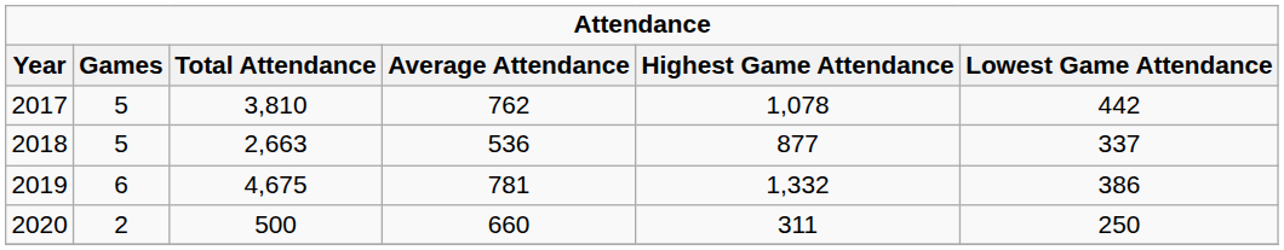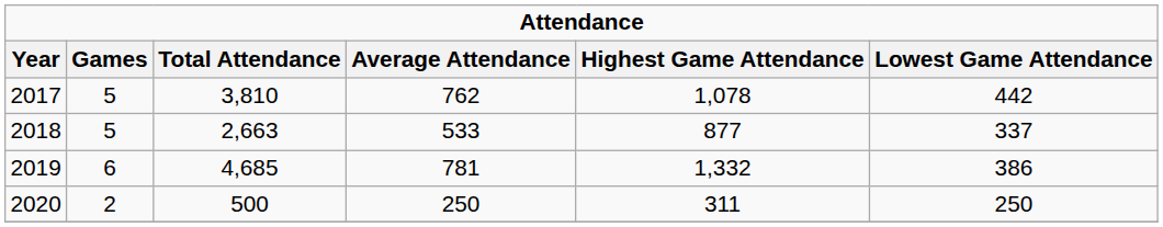 <table class="wikitable sortable" style="text-align:center">
 <tr>
 <td colspan="6"><strong>Attendance</strong></td>
 </tr>
 <tr>
 <th>Year</th>
 <th>Games</th>
 <th>Total Attendance</th>
 <th>Average Attendance</th>
 <th>Highest Game Attendance</th>
 <th>Lowest Game Attendance</th>
 </tr>
 <tr>
 <td>2017</td>
 <td>5</td>
 <td>3,810</td>
 <td>762</td>
 <td>1,078</td>
 <td>442</td>
 </tr>
 <tr>
 <td>2018</td>
 <td>5</td>
 <td>2,663</td>
-<td>536</td>
+<td>533</td>
 <td>877</td>
 <td>337</td>
 </tr>
 <tr>
 <td>2019</td>
 <td>6</td>
-<td>4,675</td>
+<td>4,685</td>
 <td>781</td>
 <td>1,332</td>
 <td>386</td>
 </tr>
 <tr>
 <td>2020</td>
 <td>2</td>
 <td>500</td>
-<td>660</td>
+<td>250</td>
 <td>311</td>
 <td>250</td>
 </tr>
 <tr>
 </tr>
 </table>
